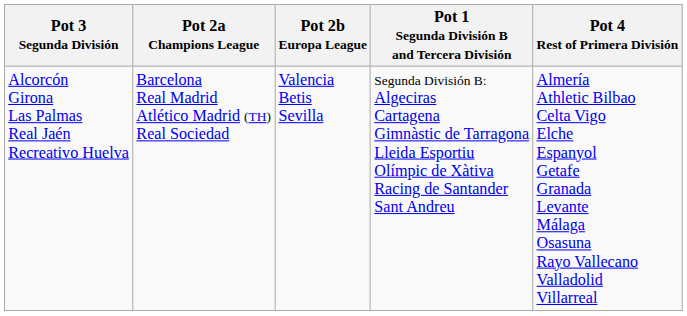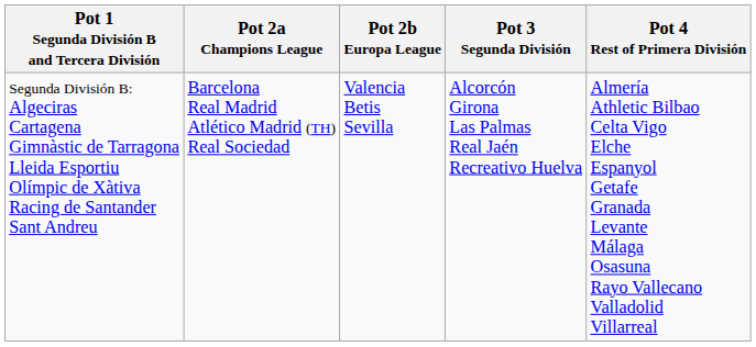 <table class="wikitable">
 <tr>
-<th>Pot 3<br><small>Segunda División</small></th>
+<th>Pot 1<br><small>Segunda División B<br>and Tercera División</small></th>
 <th>Pot 2a<br><small>Champions League</small></th>
 <th>Pot 2b<br><small>Europa League</small></th>
-<th>Pot 1<br><small>Segunda División B<br>and Tercera División</small></th>
+<th>Pot 3<br><small>Segunda División</small></th>
 <th>Pot 4<br><small>Rest of Primera División</small></th>
 </tr>
 <tr>
-<td valign=top><a href='#'>Alcorcón</a><br><a href='#'>Girona</a><br><a href='#'>Las Palmas</a><br><a href='#'>Real Jaén</a><br><a href='#'>Recreativo Huelva</a></td>
+<td valign=top><small>Segunda División B:</small><br><a href='#'>Algeciras</a><br><a href='#'>Cartagena</a><br><a href='#'>Gimnàstic de Tarragona</a><br><a href='#'>Lleida Esportiu</a><br><a href='#'>Olímpic de Xàtiva</a><br><a href='#'>Racing de Santander</a><br><a href='#'>Sant Andreu</a></td>
 <td valign=top><a href='#'>Barcelona</a><br><a href='#'>Real Madrid</a><br><a href='#'>Atlético Madrid</a> <small>(<a href='#'>TH</a>)</small><br><a href='#'>Real Sociedad</a></td>
 <td valign=top><a href='#'>Valencia</a><br><a href='#'>Betis</a><br><a href='#'>Sevilla</a></td>
-<td valign=top><small>Segunda División B:</small><br><a href='#'>Algeciras</a><br><a href='#'>Cartagena</a><br><a href='#'>Gimnàstic de Tarragona</a><br><a href='#'>Lleida Esportiu</a><br><a href='#'>Olímpic de Xàtiva</a><br><a href='#'>Racing de Santander</a><br><a href='#'>Sant Andreu</a></td>
+<td valign=top><a href='#'>Alcorcón</a><br><a href='#'>Girona</a><br><a href='#'>Las Palmas</a><br><a href='#'>Real Jaén</a><br><a href='#'>Recreativo Huelva</a></td>
 <td valign=top><a href='#'>Almería</a><br><a href='#'>Athletic Bilbao</a><br><a href='#'>Celta Vigo</a><br><a href='#'>Elche</a><br><a href='#'>Espanyol</a><br><a href='#'>Getafe</a><br><a href='#'>Granada</a><br><a href='#'>Levante</a><br><a href='#'>Málaga</a><br><a href='#'>Osasuna</a><br><a href='#'>Rayo Vallecano</a><br><a href='#'>Valladolid</a><br><a href='#'>Villarreal</a></td>
 </tr>
 </table>
